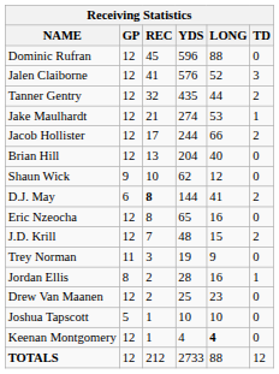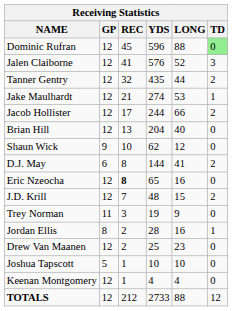 <table class="wikitable sortable collapsible collapsed">
 <tr>
 <th colspan="7">Receiving Statistics</th>
 </tr>
 <tr>
 <th>NAME</th>
 <th>GP</th>
 <th>REC</th>
 <th>YDS</th>
 <th>LONG</th>
 <th>TD</th>
 </tr>
 <tr>
 <td>Dominic Rufran</td>
 <td>12</td>
 <td>45</td>
 <td>596</td>
 <td>88</td>
-<td>0</td>
+<td style="background: lightgreen;">0</td>
 </tr>
 <tr>
 <td>Jalen Claiborne</td>
 <td>12</td>
 <td>41</td>
 <td>576</td>
 <td>52</td>
 <td>3</td>
 </tr>
 <tr>
 <td>Tanner Gentry</td>
 <td>12</td>
 <td>32</td>
 <td>435</td>
 <td>44</td>
 <td>2</td>
 </tr>
 <tr>
 <td>Jake Maulhardt</td>
 <td>12</td>
 <td>21</td>
 <td>274</td>
 <td>53</td>
 <td>1</td>
 </tr>
 <tr>
 <td>Jacob Hollister</td>
 <td>12</td>
 <td>17</td>
 <td>244</td>
 <td>66</td>
 <td>2</td>
 </tr>
 <tr>
 <td>Brian Hill</td>
 <td>12</td>
 <td>13</td>
 <td>204</td>
 <td>40</td>
 <td>0</td>
 </tr>
 <tr>
 <td>Shaun Wick</td>
 <td>9</td>
 <td>10</td>
 <td>62</td>
 <td>12</td>
 <td>0</td>
 </tr>
 <tr>
 <td>D.J. May</td>
 <td>6</td>
-<td><strong>8</strong></td>
+<td>8</td>
 <td>144</td>
 <td>41</td>
 <td>2</td>
 </tr>
 <tr>
 <td>Eric Nzeocha</td>
 <td>12</td>
-<td>8</td>
+<td><strong>8</strong></td>
 <td>65</td>
 <td>16</td>
 <td>0</td>
 </tr>
 <tr>
 <td>J.D. Krill</td>
 <td>12</td>
 <td>7</td>
 <td>48</td>
 <td>15</td>
 <td>2</td>
 </tr>
 <tr>
 <td>Trey Norman</td>
 <td>11</td>
 <td>3</td>
 <td>19</td>
 <td>9</td>
 <td>0</td>
 </tr>
 <tr>
 <td>Jordan Ellis</td>
 <td>8</td>
 <td>2</td>
 <td>28</td>
 <td>16</td>
 <td>1</td>
 </tr>
 <tr>
 <td>Drew Van Maanen</td>
 <td>12</td>
 <td>2</td>
 <td>25</td>
 <td>23</td>
 <td>0</td>
 </tr>
 <tr>
 <td>Joshua Tapscott</td>
 <td>5</td>
 <td>1</td>
 <td>10</td>
 <td>10</td>
 <td>0</td>
 </tr>
 <tr>
 <td>Keenan Montgomery</td>
 <td>12</td>
 <td>1</td>
 <td>4</td>
-<td><strong>4</strong></td>
+<td>4</td>
 <td>0</td>
 </tr>
 <tr>
 <td><strong>TOTALS</strong></td>
 <td>12</td>
 <td>212</td>
 <td>2733</td>
 <td>88</td>
 <td>12</td>
 </tr>
 </table>
